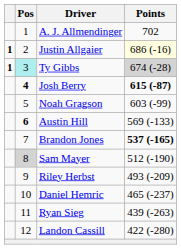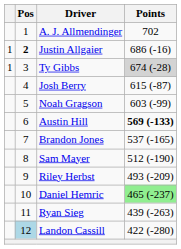 <table class="wikitable" style="font-size: 95%;">
 <tr>
 <th></th>
 <th>Pos</th>
 <th>Driver</th>
 <th>Points</th>
 </tr>
 <tr>
 <td align="left"></td>
 <td style="text-align:center;">1</td>
 <td><a href='#'>A. J. Allmendinger</a></td>
 <td style="text-align:center;">702</td>
 </tr>
 <tr>
-<td align="left"><strong> 1</strong></td>
-<td style="text-align:center;">2</td>
+<td align="left"> 1</td>
+<td style="text-align:center;"><strong>2</strong></td>
 <td><a href='#'>Justin Allgaier</a></td>
-<td style="background: lightyellow; text-align:center;">686 (-16)</td>
+<td style="text-align:center;">686 (-16)</td>
 </tr>
 <tr>
-<td align="left"><strong> 1</strong></td>
-<td style="background: paleturquoise; text-align:center;">3</td>
+<td align="left"> 1</td>
+<td style="text-align:center;">3</td>
 <td><a href='#'>Ty Gibbs</a></td>
 <td style="background: lightgrey; text-align:center;">674 (-28)</td>
 </tr>
 <tr>
 <td align="left"></td>
-<td style="text-align:center;"><strong>4</strong></td>
+<td style="text-align:center;">4</td>
 <td><a href='#'>Josh Berry</a></td>
-<td style="text-align:center;"><strong>615 (-87)</strong></td>
+<td style="text-align:center;">615 (-87)</td>
 </tr>
 <tr>
 <td align="left"></td>
 <td style="text-align:center;">5</td>
 <td><a href='#'>Noah Gragson</a></td>
 <td style="text-align:center;">603 (-99)</td>
 </tr>
 <tr>
 <td align="left"></td>
-<td style="text-align:center;"><strong>6</strong></td>
+<td style="text-align:center;">6</td>
 <td><a href='#'>Austin Hill</a></td>
-<td style="text-align:center;">569 (-133)</td>
+<td style="text-align:center;"><strong>569 (-133)</strong></td>
 </tr>
 <tr>
 <td align="left"></td>
 <td style="text-align:center;">7</td>
 <td><a href='#'>Brandon Jones</a></td>
-<td style="text-align:center;"><strong>537 (-165)</strong></td>
+<td style="text-align:center;">537 (-165)</td>
 </tr>
 <tr>
 <td align="left"></td>
-<td style="background: lightgrey; text-align:center;">8</td>
+<td style="text-align:center;">8</td>
 <td><a href='#'>Sam Mayer</a></td>
 <td style="text-align:center;">512 (-190)</td>
 </tr>
 <tr>
 <td align="left"></td>
 <td style="text-align:center;">9</td>
 <td><a href='#'>Riley Herbst</a></td>
 <td style="text-align:center;">493 (-209)</td>
 </tr>
 <tr>
 <td align="left"></td>
 <td style="text-align:center;">10</td>
 <td><a href='#'>Daniel Hemric</a></td>
-<td style="text-align:center;">465 (-237)</td>
+<td style="background: lightgreen; text-align:center;">465 (-237)</td>
 </tr>
 <tr>
 <td align="left"></td>
 <td style="text-align:center;">11</td>
 <td><a href='#'>Ryan Sieg</a></td>
 <td style="text-align:center;">439 (-263)</td>
 </tr>
 <tr>
 <td align="left"></td>
-<td style="text-align:center;">12</td>
+<td style="background: lightblue; text-align:center;">12</td>
 <td><a href='#'>Landon Cassill</a></td>
 <td style="text-align:center;">422 (-280)</td>
 </tr>
 <tr class="sortbottom">
 <th colspan="9"></th>
 </tr>
 </table>
